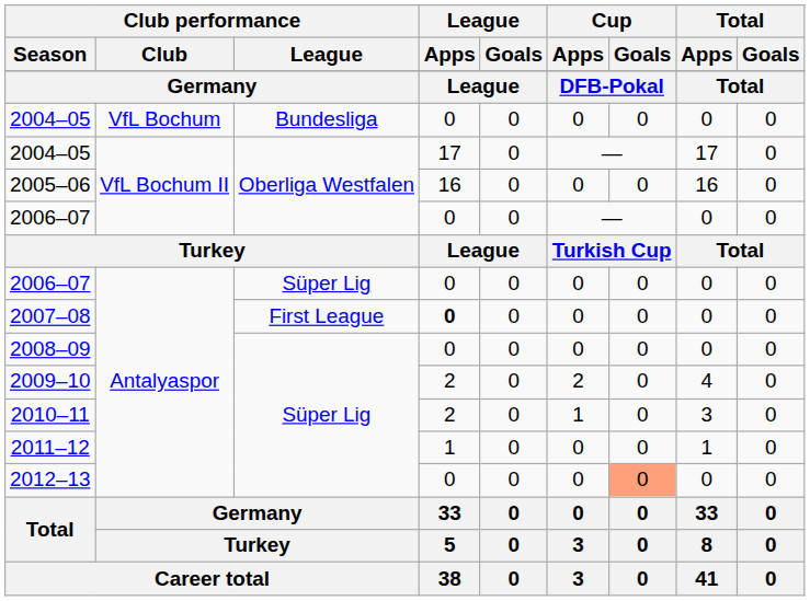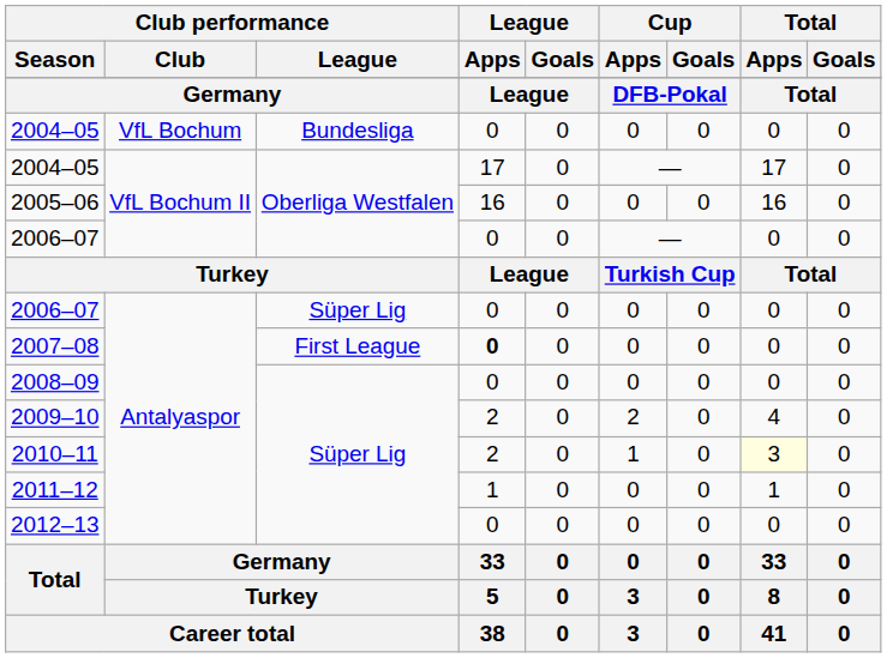 <table class="wikitable" style="text-align:center">
 <tr>
 <th colspan=3>Club performance</th>
 <th colspan=2>League</th>
 <th colspan=2>Cup</th>
 <th colspan=2>Total</th>
 </tr>
 <tr>
 <th>Season</th>
 <th>Club</th>
 <th>League</th>
 <th>Apps</th>
 <th>Goals</th>
 <th>Apps</th>
 <th>Goals</th>
 <th>Apps</th>
 <th>Goals</th>
 </tr>
 <tr>
 </tr>
 <tr>
 <th colspan=3>Germany</th>
 <th colspan=2>League</th>
 <th colspan=2><a href='#'>DFB-Pokal</a></th>
 <th colspan=2>Total</th>
 </tr>
 <tr>
 <td><a href='#'>2004–05</a></td>
 <td><a href='#'>VfL Bochum</a></td>
 <td><a href='#'>Bundesliga</a></td>
 <td>0</td>
 <td>0</td>
 <td>0</td>
 <td>0</td>
 <td>0</td>
 <td>0</td>
 </tr>
 <tr>
 <td>2004–05</td>
 <td rowspan="3"><a href='#'>VfL Bochum II</a></td>
 <td rowspan="3"><a href='#'>Oberliga Westfalen</a></td>
 <td>17</td>
 <td>0</td>
 <td colspan="2">—</td>
 <td>17</td>
 <td>0</td>
 </tr>
 <tr>
 <td>2005–06</td>
 <td>16</td>
 <td>0</td>
 <td>0</td>
 <td>0</td>
 <td>16</td>
 <td>0</td>
 </tr>
 <tr>
 <td>2006–07</td>
 <td>0</td>
 <td>0</td>
 <td colspan="2">—</td>
 <td>0</td>
 <td>0</td>
 </tr>
 <tr>
 <th colspan=3>Turkey</th>
 <th colspan=2>League</th>
 <th colspan=2><a href='#'>Turkish Cup</a></th>
 <th colspan=2>Total</th>
 </tr>
 <tr>
 <td><a href='#'>2006–07</a></td>
 <td rowspan="7"><a href='#'>Antalyaspor</a></td>
 <td><a href='#'>Süper Lig</a></td>
 <td>0</td>
 <td>0</td>
 <td>0</td>
 <td>0</td>
 <td>0</td>
 <td>0</td>
 </tr>
 <tr>
 <td><a href='#'>2007–08</a></td>
 <td><a href='#'>First League</a></td>
 <td><strong>0</strong></td>
 <td>0</td>
 <td>0</td>
 <td>0</td>
 <td>0</td>
 <td>0</td>
 </tr>
 <tr>
 <td><a href='#'>2008–09</a></td>
 <td rowspan="5"><a href='#'>Süper Lig</a></td>
 <td>0</td>
 <td>0</td>
 <td>0</td>
 <td>0</td>
 <td>0</td>
 <td>0</td>
 </tr>
 <tr>
 <td><a href='#'>2009–10</a></td>
 <td>2</td>
 <td>0</td>
 <td>2</td>
 <td>0</td>
 <td>4</td>
 <td>0</td>
 </tr>
 <tr>
 <td><a href='#'>2010–11</a></td>
 <td>2</td>
 <td>0</td>
 <td>1</td>
 <td>0</td>
-<td>3</td>
+<td style="background: lightyellow;">3</td>
 <td>0</td>
 </tr>
 <tr>
 <td><a href='#'>2011–12</a></td>
 <td>1</td>
 <td>0</td>
 <td>0</td>
 <td>0</td>
 <td>1</td>
 <td>0</td>
 </tr>
 <tr>
 <td><a href='#'>2012–13</a></td>
 <td>0</td>
 <td>0</td>
 <td>0</td>
-<td style="background: lightsalmon;">0</td>
+<td>0</td>
 <td>0</td>
 <td>0</td>
 </tr>
 <tr>
 <th rowspan=2>Total</th>
 <th colspan=2>Germany</th>
 <th>33</th>
 <th>0</th>
 <th>0</th>
 <th>0</th>
 <th>33</th>
 <th>0</th>
 </tr>
 <tr>
 <th colspan=2>Turkey</th>
 <th>5</th>
 <th>0</th>
 <th>3</th>
 <th>0</th>
 <th>8</th>
 <th>0</th>
 </tr>
 <tr>
 <th colspan=3>Career total</th>
 <th>38</th>
 <th>0</th>
 <th>3</th>
 <th>0</th>
 <th>41</th>
 <th>0</th>
 </tr>
 </table>
